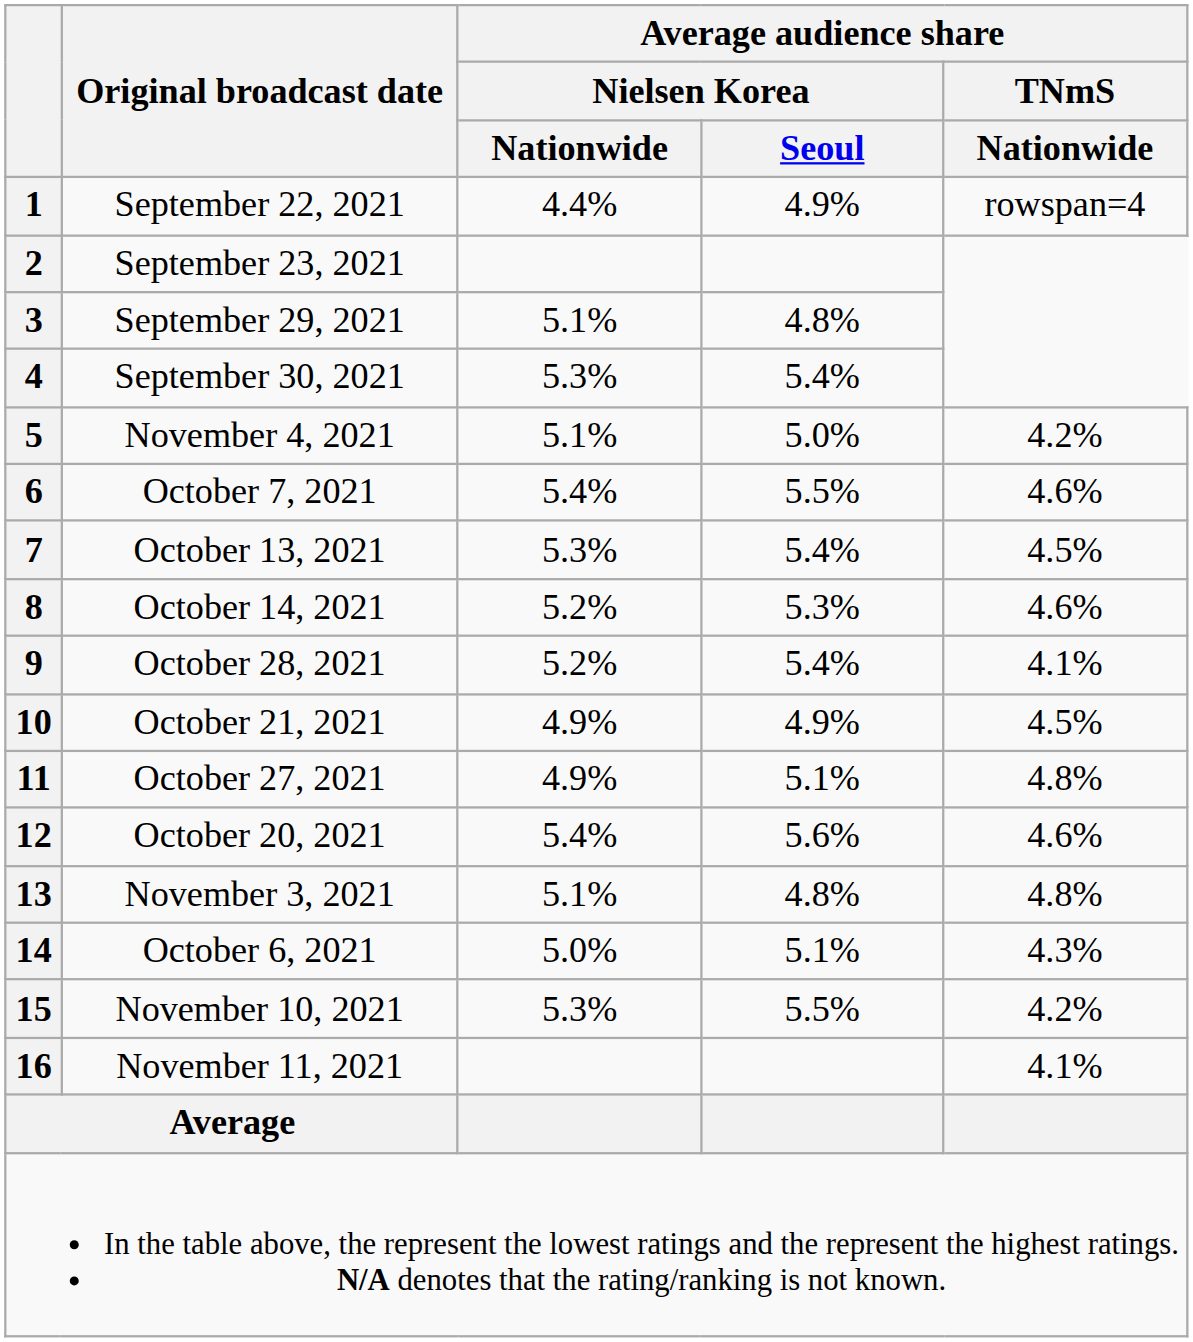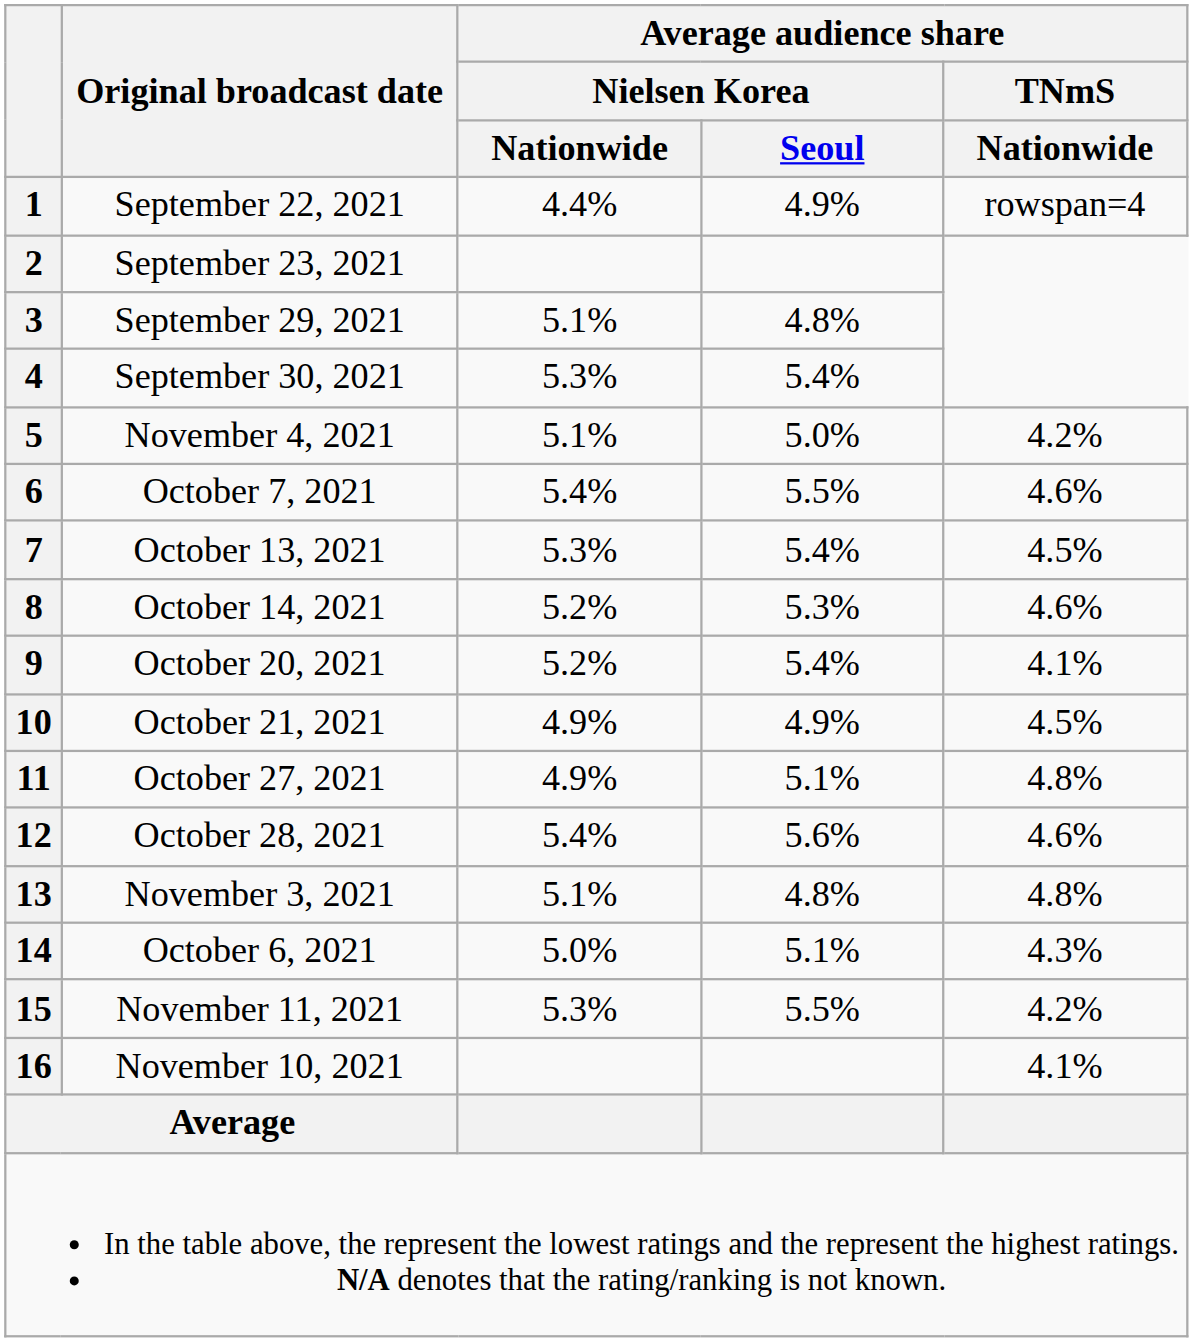 <table class="wikitable" style="text-align:center; max-width:550px; margin-left: auto; margin-right: auto; border: none;">
 <tr>
 <th rowspan="3"></th>
 <th rowspan="3">Original broadcast date</th>
 <th colspan="3">Average audience share</th>
 </tr>
 <tr>
 <th colspan="2">Nielsen Korea</th>
 <th>TNmS</th>
 </tr>
 <tr>
 <th width="100">Nationwide</th>
 <th width="100"><a href='#'>Seoul</a></th>
 <th width="100">Nationwide</th>
 </tr>
 <tr>
 <th>1</th>
 <td>September 22, 2021</td>
 <td>4.4% </td>
 <td>4.9% </td>
 <td>rowspan=4 </td>
 </tr>
 <tr>
 <th>2</th>
 <td>September 23, 2021</td>
 <td> </td>
 <td> </td>
 </tr>
 <tr>
 <th>3</th>
 <td>September 29, 2021</td>
 <td>5.1% </td>
 <td>4.8% </td>
 </tr>
 <tr>
 <th>4</th>
 <td>September 30, 2021</td>
 <td>5.3% </td>
 <td>5.4% </td>
 </tr>
 <tr>
 <th>5</th>
 <td>November 4, 2021</td>
 <td>5.1%	</td>
 <td>5.0% </td>
 <td>4.2% </td>
 </tr>
 <tr>
 <th>6</th>
 <td>October 7, 2021</td>
 <td>5.4% </td>
 <td>5.5% </td>
 <td>4.6% </td>
 </tr>
 <tr>
 <th>7</th>
 <td>October 13, 2021</td>
 <td>5.3% </td>
 <td>5.4% </td>
 <td>4.5% </td>
 </tr>
 <tr>
 <th>8</th>
 <td>October 14, 2021</td>
 <td>5.2% </td>
 <td>5.3% </td>
 <td>4.6% </td>
 </tr>
 <tr>
 <th>9</th>
-<td>October 28, 2021</td>
+<td>October 20, 2021</td>
 <td>5.2% </td>
 <td>5.4% </td>
 <td>4.1% </td>
 </tr>
 <tr>
 <th>10</th>
 <td>October 21, 2021</td>
 <td>4.9% </td>
 <td>4.9% </td>
 <td>4.5% </td>
 </tr>
 <tr>
 <th>11</th>
 <td>October 27, 2021</td>
 <td>4.9% </td>
 <td>5.1% </td>
 <td>4.8% </td>
 </tr>
 <tr>
 <th>12</th>
-<td>October 20, 2021</td>
+<td>October 28, 2021</td>
 <td>5.4% </td>
 <td>5.6% </td>
 <td>4.6% </td>
 </tr>
 <tr>
 <th>13</th>
 <td>November 3, 2021</td>
 <td>5.1% </td>
 <td>4.8% </td>
 <td>4.8% </td>
 </tr>
 <tr>
 <th>14</th>
 <td>October 6, 2021</td>
 <td>5.0% </td>
 <td>5.1% </td>
 <td>4.3% </td>
 </tr>
 <tr>
 <th>15</th>
-<td>November 10, 2021</td>
+<td>November 11, 2021</td>
 <td>5.3% </td>
 <td>5.5% </td>
 <td>4.2% </td>
 </tr>
 <tr>
 <th>16</th>
-<td>November 11, 2021</td>
+<td>November 10, 2021</td>
 <td> </td>
 <td> </td>
 <td>4.1% </td>
 </tr>
 <tr>
 <th colspan="2">Average</th>
 <th></th>
 <th></th>
 <th></th>
 </tr>
 <tr>
 <td colspan="5" style="font-size:85%"><br><ul><li>In the table above, the <strong></strong> represent the lowest ratings and the <strong></strong> represent the highest ratings.</li><li><strong>N/A</strong> denotes that the rating/ranking is not known.</li></ul></td>
 </tr>
 </table>
